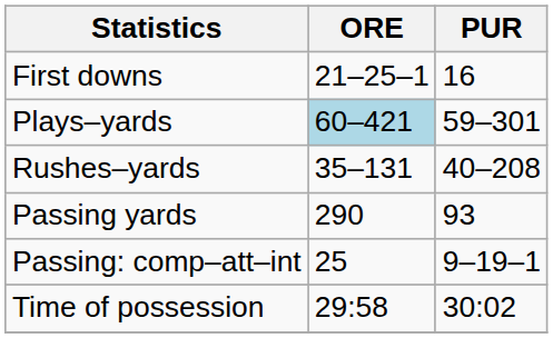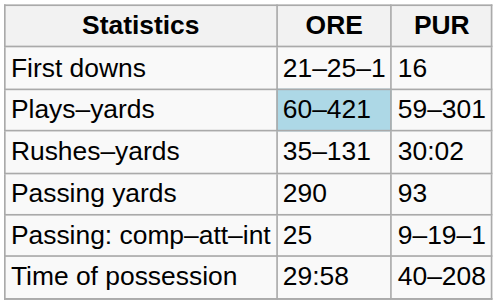 <table class="wikitable" style="float: left;">
 <tr>
 <th>Statistics</th>
 <th>ORE</th>
 <th>PUR</th>
 </tr>
 <tr>
 <td>First downs</td>
 <td>21–25–1</td>
 <td>16</td>
 </tr>
 <tr>
 <td>Plays–yards</td>
 <td style="background: lightblue;">60–421</td>
 <td>59–301</td>
 </tr>
 <tr>
 <td>Rushes–yards</td>
 <td>35–131</td>
-<td>40–208</td>
+<td>30:02</td>
 </tr>
 <tr>
 <td>Passing yards</td>
 <td>290</td>
 <td>93</td>
 </tr>
 <tr>
 <td>Passing: comp–att–int</td>
 <td>25</td>
 <td>9–19–1</td>
 </tr>
 <tr>
 <td>Time of possession</td>
 <td>29:58</td>
-<td>30:02</td>
+<td>40–208</td>
 </tr>
 <tr>
 </tr>
 </table>
